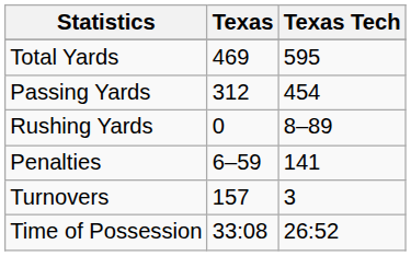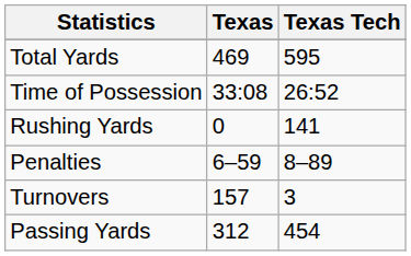 <table class="wikitable">
 <tr>
 <th>Statistics</th>
 <th>Texas</th>
 <th>Texas Tech</th>
 </tr>
 <tr>
 </tr>
 <tr>
 <td>Total Yards</td>
 <td>469</td>
 <td>595</td>
 </tr>
 <tr>
-<td>Passing Yards</td>
-<td>312</td>
-<td>454</td>
+<td>Time of Possession</td>
+<td>33:08</td>
+<td>26:52</td>
 </tr>
 <tr>
 <td>Rushing Yards</td>
 <td>0</td>
-<td>8–89</td>
+<td>141</td>
 </tr>
 <tr>
 <td>Penalties</td>
 <td>6–59</td>
-<td>141</td>
+<td>8–89</td>
 </tr>
 <tr>
 <td>Turnovers</td>
 <td>157</td>
 <td>3</td>
 </tr>
 <tr>
-<td>Time of Possession</td>
-<td>33:08</td>
-<td>26:52</td>
+<td>Passing Yards</td>
+<td>312</td>
+<td>454</td>
 </tr>
 </table>
